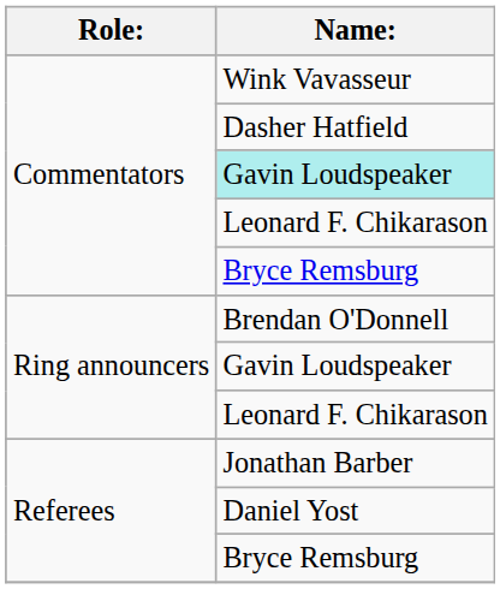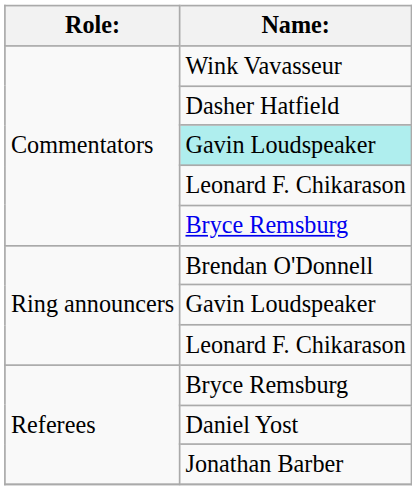 <table class=wikitable style="font-size:90%; margin: 0.5em 0 0.5em 1em; float: right; clear: right;">
 <tr>
 <th>Role:</th>
 <th>Name:</th>
 </tr>
 <tr>
 <td rowspan=5>Commentators</td>
 <td>Wink Vavasseur</td>
 </tr>
 <tr>
 <td>Dasher Hatfield</td>
 </tr>
 <tr>
 <td style="background: paleturquoise;">Gavin Loudspeaker</td>
 </tr>
 <tr>
 <td>Leonard F. Chikarason</td>
 </tr>
 <tr>
 <td><a href='#'>Bryce Remsburg</a></td>
 </tr>
 <tr>
 <td rowspan=3>Ring announcers</td>
 <td>Brendan O'Donnell</td>
 </tr>
 <tr>
 <td>Gavin Loudspeaker</td>
 </tr>
 <tr>
 <td>Leonard F. Chikarason</td>
 </tr>
 <tr>
 <td rowspan=3>Referees</td>
-<td>Jonathan Barber</td>
+<td>Bryce Remsburg</td>
 </tr>
 <tr>
 <td>Daniel Yost</td>
 </tr>
 <tr>
-<td>Bryce Remsburg</td>
+<td>Jonathan Barber</td>
 </tr>
 <tr>
 </tr>
 </table>
